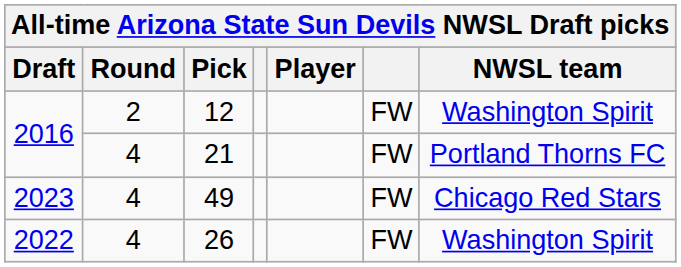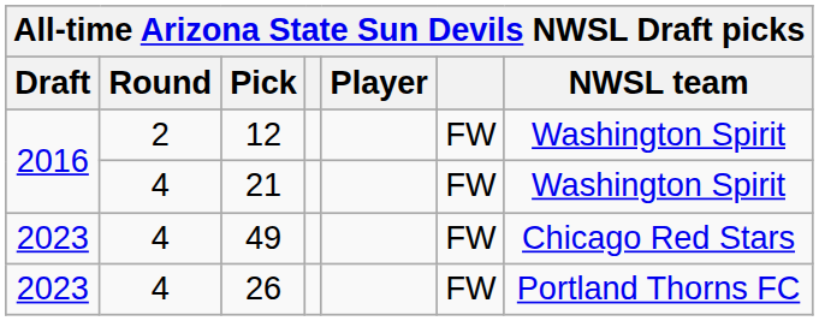 <table class="wikitable sortable" style="text-align: center;">
 <tr>
 <th colspan="7" style="background:#">All-time <a href='#'><span>Arizona State Sun Devils</span></a> NWSL Draft picks</th>
 </tr>
 <tr>
 <th scope="col">Draft</th>
 <th scope="col">Round</th>
 <th scope="col">Pick</th>
 <th scope="col"></th>
 <th scope="col">Player</th>
 <th scope="col"></th>
 <th scope="col">NWSL team</th>
 </tr>
 <tr>
 <td rowspan="2"><a href='#'>2016</a></td>
 <td>2</td>
 <td>12</td>
 <td></td>
 <td></td>
 <td>FW</td>
 <td><a href='#'>Washington Spirit</a></td>
 </tr>
 <tr>
 <td>4</td>
 <td>21</td>
 <td></td>
 <td></td>
 <td>FW</td>
-<td><a href='#'>Portland Thorns FC</a></td>
+<td><a href='#'>Washington Spirit</a></td>
 </tr>
 <tr>
 <td><a href='#'>2023</a></td>
 <td>4</td>
 <td>49</td>
 <td></td>
 <td></td>
 <td>FW</td>
 <td><a href='#'>Chicago Red Stars</a></td>
 </tr>
 <tr>
-<td><a href='#'>2022</a></td>
+<td><a href='#'>2023</a></td>
 <td>4</td>
 <td>26</td>
 <td></td>
 <td></td>
 <td>FW</td>
-<td><a href='#'>Washington Spirit</a></td>
+<td><a href='#'>Portland Thorns FC</a></td>
 </tr>
 </table>
